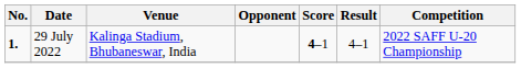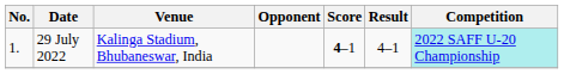 <table class="wikitable" style="font-size:100%;">
 <tr>
 <th>No.</th>
 <th>Date</th>
 <th>Venue</th>
 <th>Opponent</th>
 <th>Score</th>
 <th>Result</th>
 <th>Competition</th>
 </tr>
 <tr>
-<td><strong>1.</strong></td>
+<td>1.</td>
 <td>29 July 2022</td>
 <td><a href='#'>Kalinga Stadium</a>, <a href='#'>Bhubaneswar</a>, India</td>
 <td></td>
 <td align=center><strong>4</strong>–1</td>
 <td align=center>4–1</td>
-<td><a href='#'>2022 SAFF U-20 Championship</a></td>
+<td style="background: paleturquoise;"><a href='#'>2022 SAFF U-20 Championship</a></td>
 </tr>
 <tr>
 </tr>
 </table>
